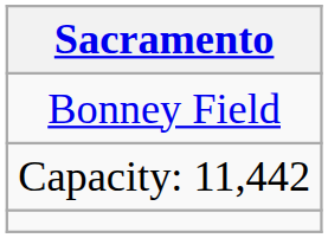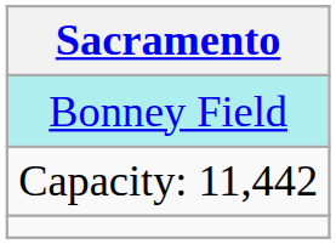 <table class="wikitable" style="text-align:center; margin: 1em auto;">
 <tr>
 <th width="100%"><a href='#'>Sacramento</a></th>
 </tr>
 <tr>
-<td><a href='#'>Bonney Field</a></td>
+<td style="background: paleturquoise;"><a href='#'>Bonney Field</a></td>
 </tr>
 <tr>
 <td>Capacity: 11,442</td>
 </tr>
 <tr>
 <td></td>
 </tr>
 </table>
